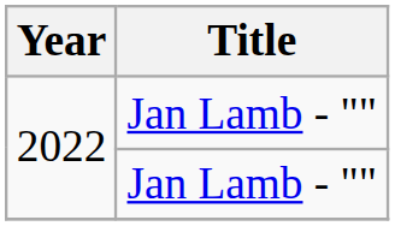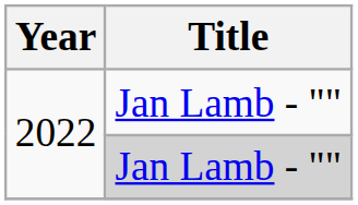 <table class="wikitable plainrowheaders">
 <tr>
 <th scope="col">Year</th>
 <th scope="col">Title</th>
 </tr>
 <tr>
 <td rowspan="2">2022</td>
 <td><a href='#'>Jan Lamb</a> - ""</td>
 </tr>
 <tr>
-<td><a href='#'>Jan Lamb</a> - ""</td>
+<td style="background: lightgrey;"><a href='#'>Jan Lamb</a> - ""</td>
 </tr>
 <tr>
 </tr>
 </table>
